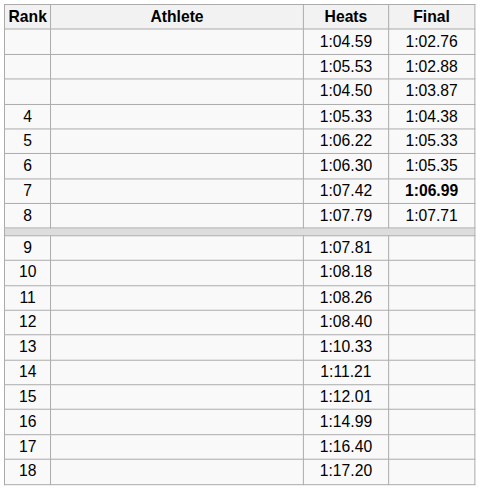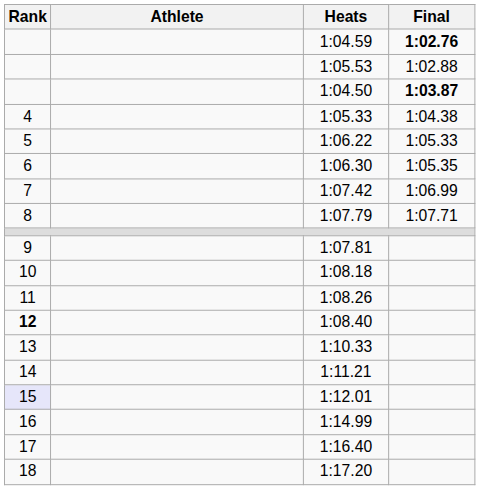 <table class=wikitable style="text-align:center">
 <tr>
 <th width=40>Rank</th>
 <th width=250>Athlete</th>
 <th width=80>Heats</th>
 <th width=80>Final</th>
 </tr>
 <tr>
 <td></td>
 <td align=left></td>
 <td>1:04.59</td>
-<td>1:02.76</td>
+<td><strong>1:02.76</strong></td>
 </tr>
 <tr>
 <td></td>
 <td align=left></td>
 <td>1:05.53</td>
 <td>1:02.88</td>
 </tr>
 <tr>
 <td></td>
 <td align=left></td>
 <td>1:04.50</td>
-<td>1:03.87</td>
+<td><strong>1:03.87</strong></td>
 </tr>
 <tr>
 <td>4</td>
 <td align=left></td>
 <td>1:05.33</td>
 <td>1:04.38</td>
 </tr>
 <tr>
 <td>5</td>
 <td align=left></td>
 <td>1:06.22</td>
 <td>1:05.33</td>
 </tr>
 <tr>
 <td>6</td>
 <td align=left></td>
 <td>1:06.30</td>
 <td>1:05.35</td>
 </tr>
 <tr>
 <td>7</td>
 <td align=left></td>
 <td>1:07.42</td>
-<td><strong>1:06.99</strong></td>
+<td>1:06.99</td>
 </tr>
 <tr>
 <td>8</td>
 <td align=left></td>
 <td>1:07.79</td>
 <td>1:07.71</td>
 </tr>
 <tr bgcolor=#DDDDDD>
 <td colspan=4></td>
 </tr>
 <tr>
 <td>9</td>
 <td align=left></td>
 <td>1:07.81</td>
 <td></td>
 </tr>
 <tr>
 <td>10</td>
 <td align=left></td>
 <td>1:08.18</td>
 <td></td>
 </tr>
 <tr>
 <td>11</td>
 <td align=left></td>
 <td>1:08.26</td>
 <td></td>
 </tr>
 <tr>
-<td>12</td>
+<td><strong>12</strong></td>
 <td align=left></td>
 <td>1:08.40</td>
 <td></td>
 </tr>
 <tr>
 <td>13</td>
 <td align=left></td>
 <td>1:10.33</td>
 <td></td>
 </tr>
 <tr>
 <td>14</td>
 <td align=left></td>
 <td>1:11.21</td>
 <td></td>
 </tr>
 <tr>
-<td>15</td>
+<td style="background: lavender;">15</td>
 <td align=left></td>
 <td>1:12.01</td>
 <td></td>
 </tr>
 <tr>
 <td>16</td>
 <td align=left></td>
 <td>1:14.99</td>
 <td></td>
 </tr>
 <tr>
 <td>17</td>
 <td align=left></td>
 <td>1:16.40</td>
 <td></td>
 </tr>
 <tr>
 <td>18</td>
 <td align=left></td>
 <td>1:17.20</td>
 <td></td>
 </tr>
 </table>
